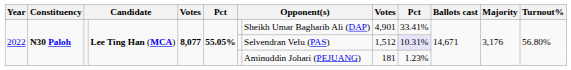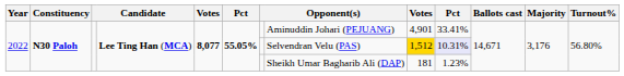 <table class="wikitable" style="margin:0.5em ; font-size:95%">
 <tr>
 <th>Year</th>
 <th>Constituency</th>
 <th colspan=2>Candidate</th>
 <th>Votes</th>
 <th>Pct</th>
 <th colspan=2>Opponent(s)</th>
 <th>Votes</th>
 <th>Pct</th>
 <th>Ballots cast</th>
 <th>Majority</th>
 <th>Turnout%</th>
 </tr>
 <tr>
 <td rowspan="3"><a href='#'>2022</a></td>
 <td rowspan="3"><strong>N30 <a href='#'>Paloh</a></strong></td>
 <td rowspan="3" ></td>
 <td rowspan="3"><strong>Lee Ting Han</strong> (<a href='#'><strong>MCA</strong></a>)</td>
 <td rowspan="3" align=right><strong>8,077</strong></td>
 <td rowspan="3"><strong>55.05%</strong></td>
 <td></td>
-<td>Sheikh Umar Bagharib Ali (<a href='#'>DAP</a>)</td>
+<td>Aminuddin Johari (<a href='#'>PEJUANG</a>)</td>
 <td align=right>4,901</td>
 <td>33.41%</td>
 <td rowspan="3">14,671</td>
 <td rowspan="3">3,176</td>
 <td rowspan="3">56.80%</td>
 </tr>
 <tr>
 <td></td>
 <td>Selvendran Velu (<a href='#'>PAS</a>)</td>
-<td align=right>1,512</td>
+<td align=right style="background: gold;">1,512</td>
 <td style="background: lavender;">10.31%</td>
 </tr>
 <tr>
 <td></td>
-<td>Aminuddin Johari (<a href='#'>PEJUANG</a>)</td>
+<td>Sheikh Umar Bagharib Ali (<a href='#'>DAP</a>)</td>
 <td align=right>181</td>
 <td align=right>1.23%</td>
 </tr>
 </table>
